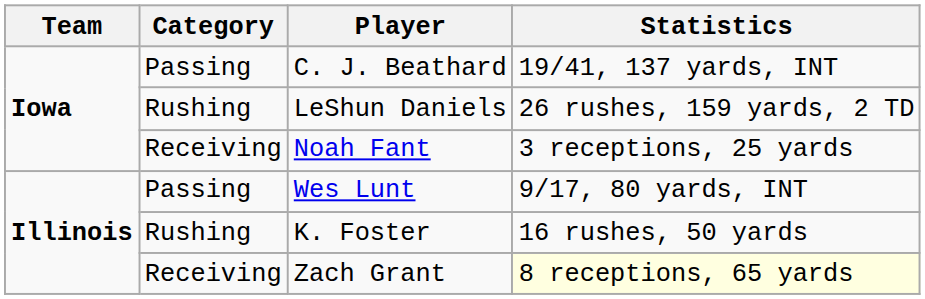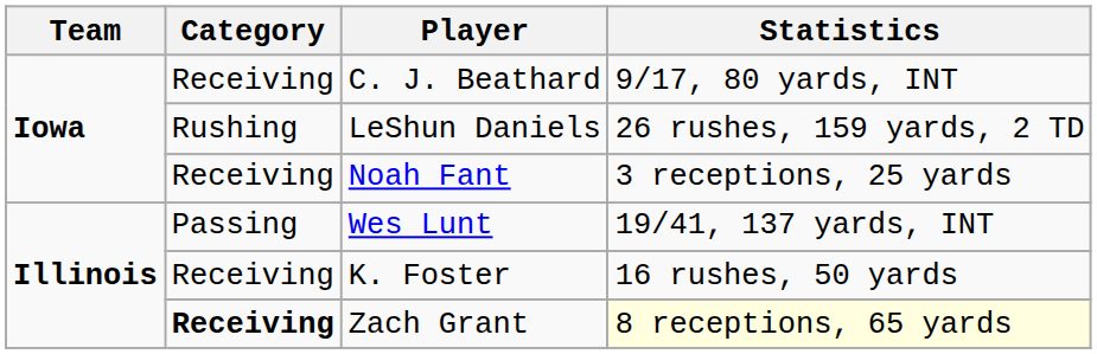 <table class="wikitable" style="float: left;">
 <tr>
 <th>Team</th>
 <th>Category</th>
 <th>Player</th>
 <th>Statistics</th>
 </tr>
 <tr>
 <td rowspan=3><strong>Iowa</strong></td>
-<td>Passing</td>
+<td>Receiving</td>
 <td>C. J. Beathard</td>
-<td>19/41, 137 yards, INT</td>
+<td>9/17, 80 yards, INT</td>
 </tr>
 <tr>
 <td>Rushing</td>
 <td>LeShun Daniels</td>
 <td>26 rushes, 159 yards, 2 TD</td>
 </tr>
 <tr>
 <td>Receiving</td>
 <td><a href='#'>Noah Fant</a></td>
 <td>3 receptions, 25 yards</td>
 </tr>
 <tr>
 <td rowspan=3><strong>Illinois</strong></td>
 <td>Passing</td>
 <td><a href='#'>Wes Lunt</a></td>
-<td>9/17, 80 yards, INT</td>
+<td>19/41, 137 yards, INT</td>
 </tr>
 <tr>
-<td>Rushing</td>
+<td>Receiving</td>
 <td>K. Foster</td>
 <td>16 rushes, 50 yards</td>
 </tr>
 <tr>
-<td>Receiving</td>
+<td><strong>Receiving</strong></td>
 <td>Zach Grant</td>
 <td style="background: lightyellow;">8 receptions, 65 yards</td>
 </tr>
 </table>
